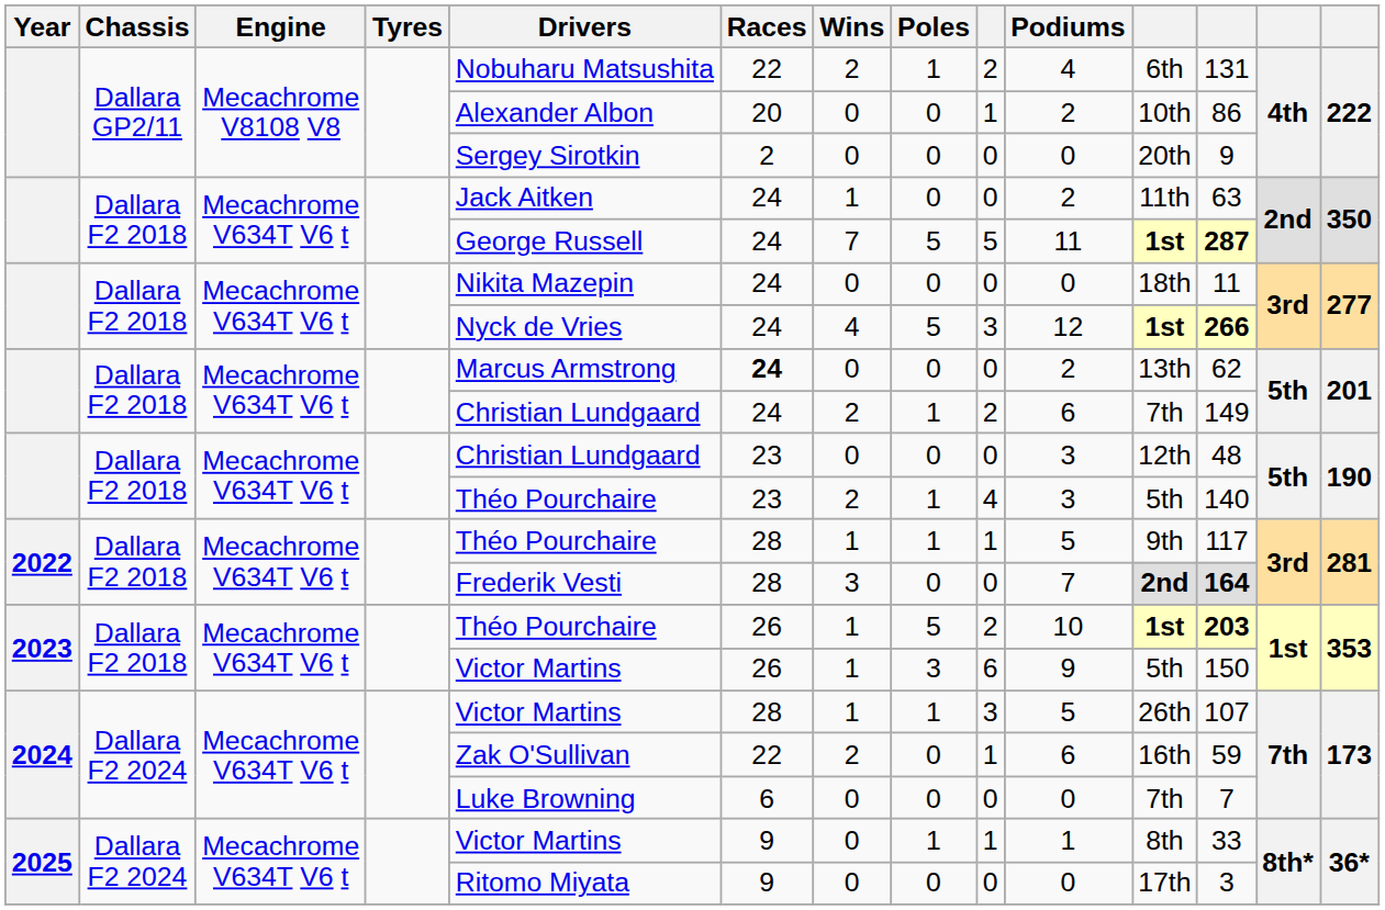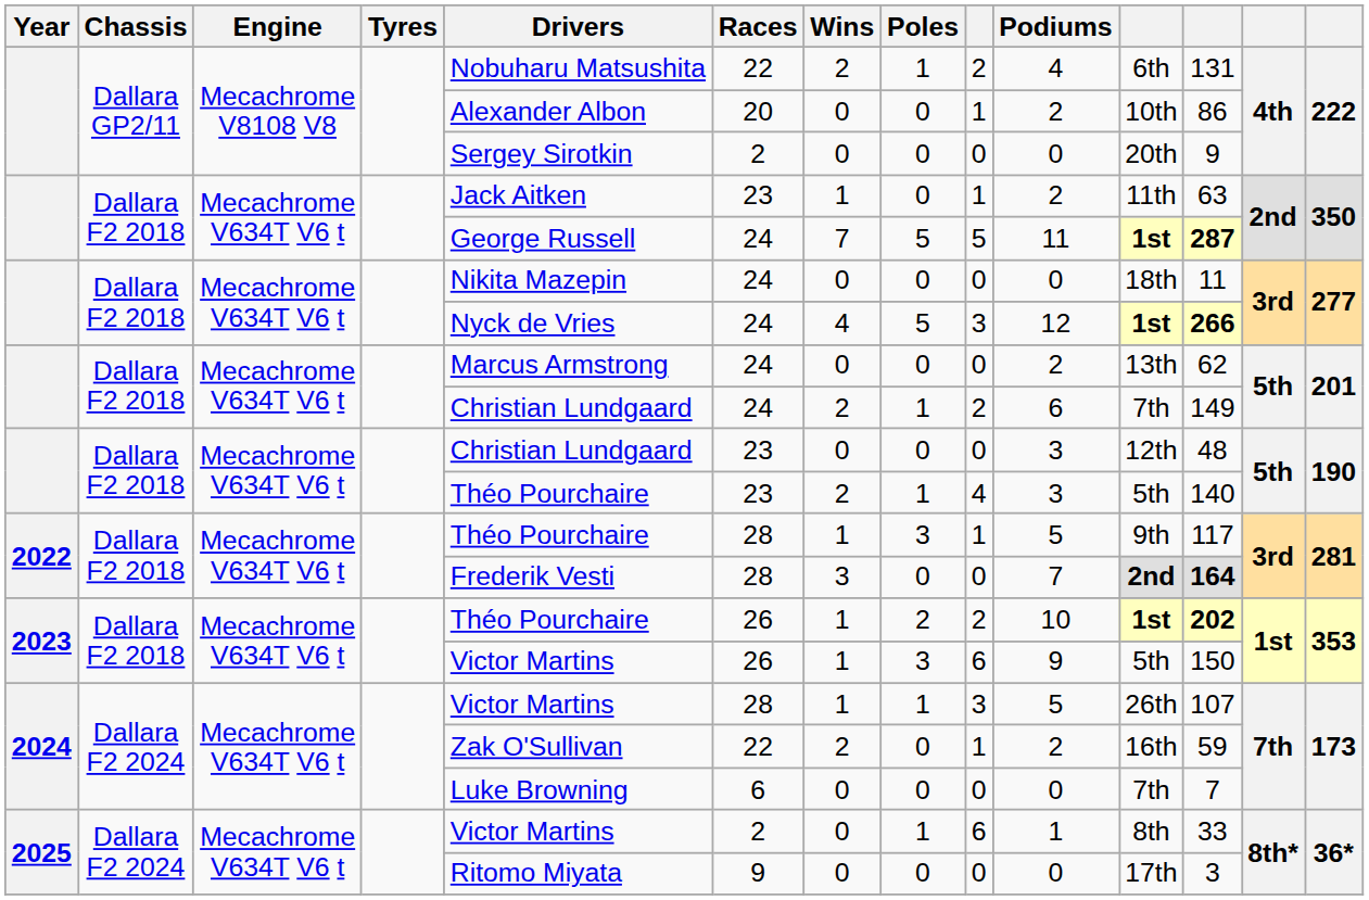 <table class="wikitable" style="text-align:center; font-size:85%">
 <tr>
 <th>Year</th>
 <th>Chassis</th>
 <th>Engine</th>
 <th>Tyres</th>
 <th>Drivers</th>
 <th>Races</th>
 <th>Wins</th>
 <th>Poles</th>
 <th></th>
 <th>Podiums</th>
 <th></th>
 <th></th>
 <th></th>
 <th></th>
 </tr>
 <tr>
 <th rowspan=3></th>
 <td rowspan=3><a href='#'>Dallara</a><br><a href='#'>GP2/11</a></td>
 <td rowspan=3><a href='#'>Mecachrome</a><br><a href='#'>V8108</a> <a href='#'>V8</a></td>
 <td rowspan=3></td>
 <td align=left> <a href='#'>Nobuharu Matsushita</a></td>
 <td>22</td>
 <td>2</td>
 <td>1</td>
 <td>2</td>
 <td>4</td>
 <td>6th</td>
 <td>131</td>
 <th rowspan=3>4th</th>
 <th rowspan=3>222</th>
 </tr>
 <tr>
 <td align=left> <a href='#'>Alexander Albon</a></td>
 <td>20</td>
 <td>0</td>
 <td>0</td>
 <td>1</td>
 <td>2</td>
 <td>10th</td>
 <td>86</td>
 </tr>
 <tr>
 <td align=left> <a href='#'>Sergey Sirotkin</a></td>
 <td>2</td>
 <td>0</td>
 <td>0</td>
 <td>0</td>
 <td>0</td>
 <td>20th</td>
 <td>9</td>
 </tr>
 <tr>
 <th rowspan=2></th>
 <td rowspan=2><a href='#'>Dallara</a><br><a href='#'>F2 2018</a></td>
 <td rowspan=2><a href='#'>Mecachrome</a><br><a href='#'>V634T</a> <a href='#'>V6</a> <a href='#'>t</a></td>
 <td rowspan=2></td>
 <td align=left> <a href='#'>Jack Aitken</a></td>
-<td>24</td>
+<td>23</td>
 <td>1</td>
 <td>0</td>
-<td>0</td>
+<td>1</td>
 <td>2</td>
 <td>11th</td>
 <td>63</td>
 <td rowspan=2 style="background:#DFDFDF;"><strong>2nd</strong></td>
 <td rowspan=2 style="background:#DFDFDF;"><strong>350</strong></td>
 </tr>
 <tr>
 <td align=left> <a href='#'>George Russell</a></td>
 <td>24</td>
 <td>7</td>
 <td>5</td>
 <td>5</td>
 <td>11</td>
 <td style="background:#FFFFBF;"><strong>1st</strong></td>
 <td style="background:#FFFFBF;"><strong>287</strong></td>
 </tr>
 <tr>
 <th rowspan=2></th>
 <td rowspan=2><a href='#'>Dallara</a><br><a href='#'>F2 2018</a></td>
 <td rowspan=2><a href='#'>Mecachrome</a><br><a href='#'>V634T</a> <a href='#'>V6</a> <a href='#'>t</a></td>
 <td rowspan=2></td>
 <td align=left> <a href='#'>Nikita Mazepin</a></td>
 <td>24</td>
 <td>0</td>
 <td>0</td>
 <td>0</td>
 <td>0</td>
 <td>18th</td>
 <td>11</td>
 <td rowspan=2 style="background:#FFDF9F;"><strong>3rd</strong></td>
 <td rowspan=2 style="background:#FFDF9F;"><strong>277</strong></td>
 </tr>
 <tr>
 <td align=left> <a href='#'>Nyck de Vries</a></td>
 <td>24</td>
 <td>4</td>
 <td>5</td>
 <td>3</td>
 <td>12</td>
 <td style="background:#FFFFBF;"><strong>1st</strong></td>
 <td style="background:#FFFFBF;"><strong>266</strong></td>
 </tr>
 <tr>
 <th rowspan=2></th>
 <td rowspan=2><a href='#'>Dallara</a><br><a href='#'>F2 2018</a></td>
 <td rowspan=2><a href='#'>Mecachrome</a><br><a href='#'>V634T</a> <a href='#'>V6</a> <a href='#'>t</a></td>
 <td rowspan=2></td>
 <td align=left> <a href='#'>Marcus Armstrong</a></td>
-<td><strong>24</strong></td>
+<td>24</td>
 <td>0</td>
 <td>0</td>
 <td>0</td>
 <td>2</td>
 <td>13th</td>
 <td>62</td>
 <th rowspan=2>5th</th>
 <th rowspan=2>201</th>
 </tr>
 <tr>
 <td align=left> <a href='#'>Christian Lundgaard</a></td>
 <td>24</td>
 <td>2</td>
 <td>1</td>
 <td>2</td>
 <td>6</td>
 <td>7th</td>
 <td>149</td>
 </tr>
 <tr>
 <th rowspan=2></th>
 <td rowspan=2><a href='#'>Dallara</a><br><a href='#'>F2 2018</a></td>
 <td rowspan=2><a href='#'>Mecachrome</a><br><a href='#'>V634T</a> <a href='#'>V6</a> <a href='#'>t</a></td>
 <td rowspan=2></td>
 <td align=left> <a href='#'>Christian Lundgaard</a></td>
 <td>23</td>
 <td>0</td>
 <td>0</td>
 <td>0</td>
 <td>3</td>
 <td>12th</td>
 <td>48</td>
 <th rowspan="2">5th</th>
 <th rowspan="2">190</th>
 </tr>
 <tr>
 <td align=left> <a href='#'>Théo Pourchaire</a></td>
 <td>23</td>
 <td>2</td>
 <td>1</td>
 <td>4</td>
 <td>3</td>
 <td>5th</td>
 <td>140</td>
 </tr>
 <tr>
 <th rowspan="2"><a href='#'>2022</a></th>
 <td rowspan=2><a href='#'>Dallara</a><br><a href='#'>F2 2018</a></td>
 <td rowspan=2><a href='#'>Mecachrome</a><br><a href='#'>V634T</a> <a href='#'>V6</a> <a href='#'>t</a></td>
 <td rowspan=2></td>
 <td align=left> <a href='#'>Théo Pourchaire</a></td>
 <td>28</td>
 <td>1</td>
-<td>1</td>
+<td>3</td>
 <td>1</td>
 <td>5</td>
 <td style="background:;">9th</td>
 <td style="background:;">117</td>
 <th rowspan="2" style="background:#FFDF9F;">3rd</th>
 <th rowspan="2" style="background:#FFDF9F;">281</th>
 </tr>
 <tr>
 <td align=left> <a href='#'>Frederik Vesti</a></td>
 <td>28</td>
 <td>3</td>
 <td>0</td>
 <td>0</td>
 <td>7</td>
 <td style="background:#DFDFDF;"><strong>2nd</strong></td>
 <td style="background:#DFDFDF;"><strong>164</strong></td>
 </tr>
 <tr>
 <th rowspan="2"><a href='#'>2023</a></th>
 <td rowspan=2><a href='#'>Dallara</a><br><a href='#'>F2 2018</a></td>
 <td rowspan=2><a href='#'>Mecachrome</a><br><a href='#'>V634T</a> <a href='#'>V6</a> <a href='#'>t</a></td>
 <td rowspan=2></td>
 <td align=left> <a href='#'>Théo Pourchaire</a></td>
 <td>26</td>
 <td>1</td>
-<td>5</td>
+<td>2</td>
 <td>2</td>
 <td>10</td>
 <td style="background:#FFFFBF;"><strong>1st</strong></td>
-<td style="background:#FFFFBF;"><strong>203</strong></td>
+<td style="background:#FFFFBF;"><strong>202</strong></td>
 <th rowspan="2" style="background:#FFFFBF;">1st</th>
 <th rowspan="2" style="background:#FFFFBF;">353</th>
 </tr>
 <tr>
 <td align=left> <a href='#'>Victor Martins</a></td>
 <td>26</td>
 <td>1</td>
 <td>3</td>
 <td>6</td>
 <td>9</td>
 <td style="background:#;">5th</td>
 <td style="background:#;">150</td>
 </tr>
 <tr>
 <th rowspan=3><a href='#'>2024</a></th>
 <td rowspan=3><a href='#'>Dallara</a><br><a href='#'>F2 2024</a></td>
 <td rowspan=3><a href='#'>Mecachrome</a><br><a href='#'>V634T</a> <a href='#'>V6</a> <a href='#'>t</a></td>
 <td rowspan=3></td>
 <td align=left> <a href='#'>Victor Martins</a></td>
 <td>28</td>
 <td>1</td>
 <td>1</td>
 <td>3</td>
 <td>5</td>
 <td style="background:#;">26th</td>
 <td style="background:#;">107</td>
 <th rowspan=3 style="background:#;">7th</th>
 <th rowspan=3 style="background:#;">173</th>
 </tr>
 <tr>
 <td align=left> <a href='#'>Zak O'Sullivan</a></td>
 <td>22</td>
 <td>2</td>
 <td>0</td>
 <td>1</td>
-<td>6</td>
+<td>2</td>
 <td style="background:#;">16th</td>
 <td style="background:#;">59</td>
 </tr>
 <tr>
 <td align=left> <a href='#'>Luke Browning</a></td>
 <td>6</td>
 <td>0</td>
 <td>0</td>
 <td>0</td>
 <td>0</td>
 <td style="background:#;">7th</td>
 <td style="background:#;">7</td>
 </tr>
 <tr>
 <th rowspan="2"><a href='#'>2025</a></th>
 <td rowspan=2><a href='#'>Dallara</a><br><a href='#'>F2 2024</a></td>
 <td rowspan=2><a href='#'>Mecachrome</a><br><a href='#'>V634T</a> <a href='#'>V6</a> <a href='#'>t</a></td>
 <td rowspan=2></td>
 <td align=left> <a href='#'>Victor Martins</a></td>
-<td>9</td>
+<td>2</td>
 <td>0</td>
 <td>1</td>
-<td>1</td>
+<td>6</td>
 <td>1</td>
 <td style="background:#;">8th</td>
 <td style="background:#;">33</td>
 <th rowspan="2" style="background:#;">8th*</th>
 <th rowspan="2" style="background:#;">36*</th>
 </tr>
 <tr>
 <td align=left> <a href='#'>Ritomo Miyata</a></td>
 <td>9</td>
 <td>0</td>
 <td>0</td>
 <td>0</td>
 <td>0</td>
 <td style="background:#;">17th</td>
 <td style="background:#;">3</td>
 </tr>
 </table>
